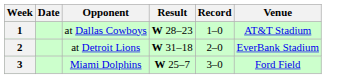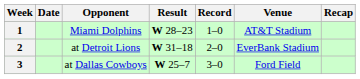 <table class="wikitable" style="text-align:center">
 <tr>
 <th>Week</th>
 <th>Date</th>
 <th>Opponent</th>
 <th>Result</th>
 <th>Record</th>
 <th>Venue</th>
+<th>Recap</th>
 </tr>
 <tr style="background:#cfc">
 <th>1</th>
 <td></td>
-<td>at <a href='#'>Dallas Cowboys</a></td>
+<td><a href='#'>Miami Dolphins</a></td>
 <td><strong>W</strong> 28–23</td>
 <td>1–0</td>
 <td><a href='#'>AT&T Stadium</a></td>
+<td></td>
 </tr>
 <tr style="background:#cfc">
 <th>2</th>
 <td></td>
 <td>at <a href='#'>Detroit Lions</a></td>
 <td><strong>W</strong> 31–18</td>
 <td>2–0</td>
 <td><a href='#'>EverBank Stadium</a></td>
+<td></td>
 </tr>
 <tr style="background:#cfc">
 <th>3</th>
 <td></td>
-<td><a href='#'>Miami Dolphins</a></td>
+<td>at <a href='#'>Dallas Cowboys</a></td>
 <td><strong>W</strong> 25–7</td>
 <td>3–0</td>
 <td><a href='#'>Ford Field</a></td>
+<td></td>
 </tr>
 </table>
